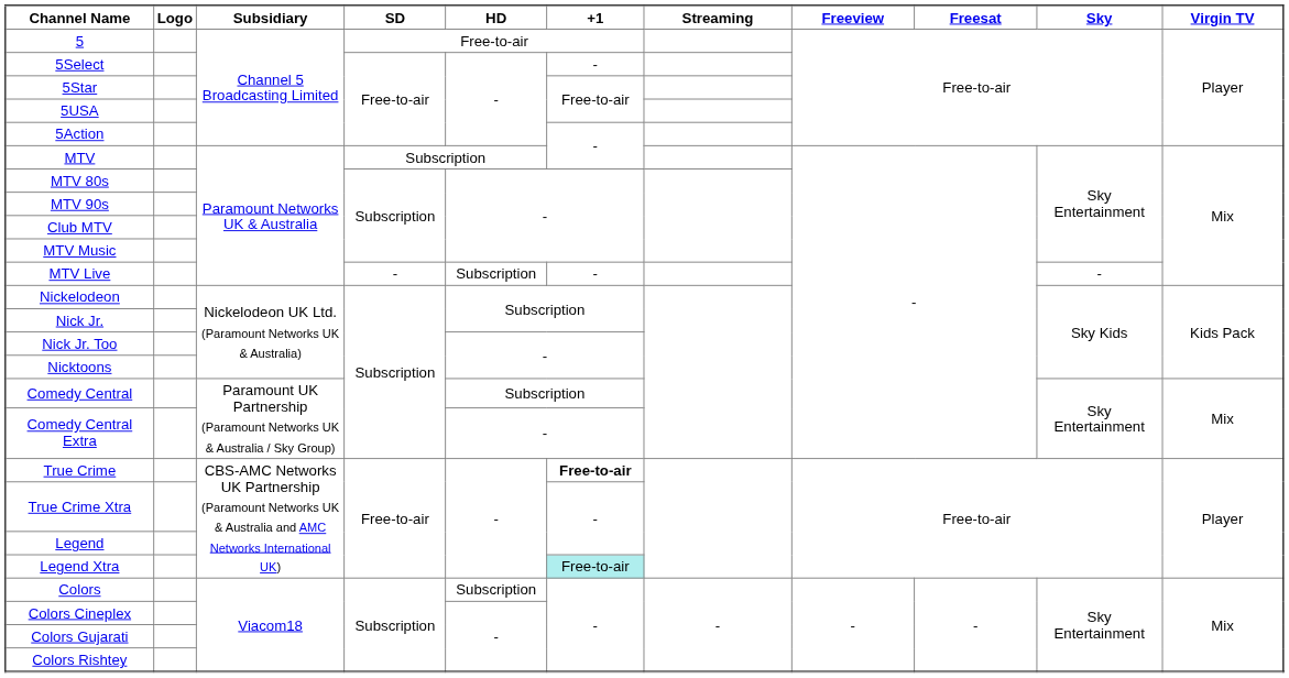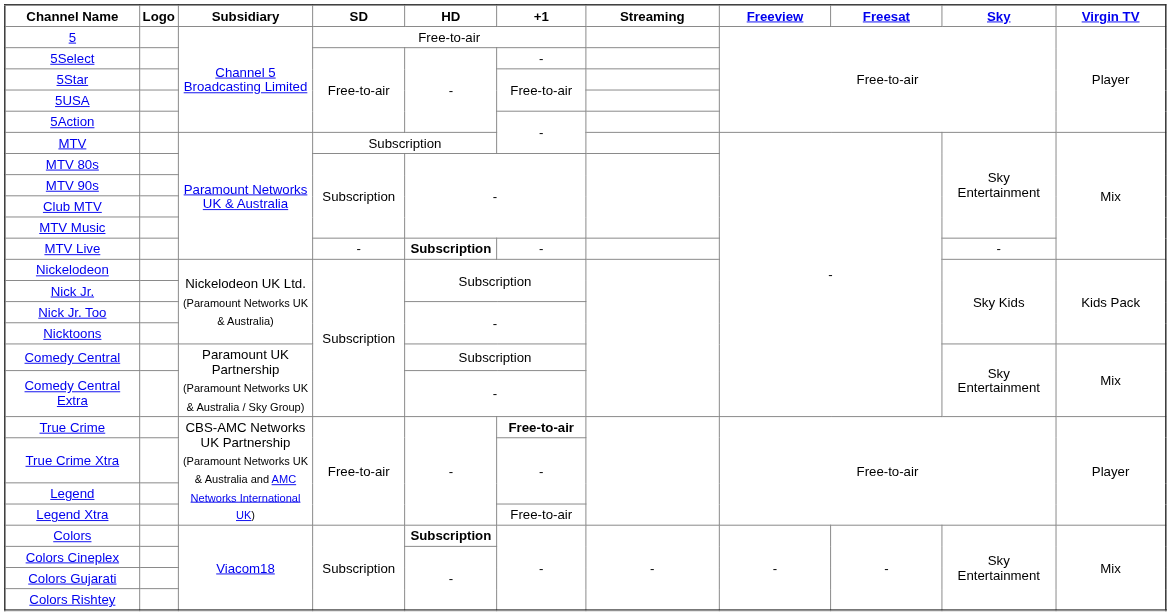 <table class="toccolours" border="2" cellpadding="3" style="border-collapse:collapse; font-size:90%; text-align:center; width:100%;">
 <tr>
 <th style="width:12%;">Channel Name</th>
 <th>Logo</th>
 <th style="width:12%;">Subsidiary</th>
 <th style="width:8%;">SD</th>
 <th style="width:8%;">HD</th>
 <th style="width:8%;">+1</th>
 <th style="width:12%;">Streaming</th>
 <th style="width:10%;"><a href='#'>Freeview</a></th>
 <th style="width:10%;"><a href='#'>Freesat</a></th>
 <th style="width:10%;"><a href='#'>Sky</a></th>
 <th style="width:10%;"><a href='#'>Virgin TV</a></th>
 </tr>
 <tr>
 <td><a href='#'>5</a></td>
 <td></td>
 <td rowspan="5"><a href='#'>Channel 5 Broadcasting Limited</a></td>
 <td colspan="3">Free-to-air</td>
 <td></td>
 <td colspan="3" rowspan="5">Free-to-air</td>
 <td rowspan="5">Player</td>
 </tr>
 <tr>
 <td><a href='#'>5Select</a></td>
 <td></td>
 <td rowspan="4">Free-to-air</td>
 <td rowspan="4">-</td>
 <td>-</td>
 <td></td>
 </tr>
 <tr>
 <td><a href='#'>5Star</a></td>
 <td></td>
 <td rowspan="2">Free-to-air</td>
 <td></td>
 </tr>
 <tr>
 <td><a href='#'>5USA</a></td>
 <td></td>
 <td></td>
 </tr>
 <tr>
 <td><a href='#'>5Action</a></td>
 <td></td>
 <td rowspan="2">-</td>
 <td></td>
 </tr>
 <tr>
 <td><a href='#'>MTV</a></td>
 <td></td>
 <td rowspan="6"><a href='#'>Paramount Networks UK & Australia</a></td>
 <td colspan="2">Subscription</td>
 <td></td>
 <td colspan="2" rowspan="12">-</td>
 <td rowspan="5">Sky Entertainment</td>
 <td rowspan="6">Mix</td>
 </tr>
 <tr>
 <td><a href='#'>MTV 80s</a></td>
 <td></td>
 <td rowspan="4">Subscription</td>
 <td colspan="2" rowspan="4">-</td>
 </tr>
 <tr>
 <td><a href='#'>MTV 90s</a></td>
 <td></td>
 </tr>
 <tr>
 <td><a href='#'>Club MTV</a></td>
 <td></td>
 </tr>
 <tr>
 <td><a href='#'>MTV Music</a></td>
 <td></td>
 </tr>
 <tr>
 <td><a href='#'>MTV Live</a></td>
 <td></td>
 <td>-</td>
-<td>Subscription</td>
+<td><strong>Subscription</strong></td>
 <td>-</td>
 <td></td>
 <td>-</td>
 </tr>
 <tr>
 <td><a href='#'>Nickelodeon</a></td>
 <td></td>
 <td rowspan="4">Nickelodeon UK Ltd. <sub>(Paramount Networks UK & Australia)</sub></td>
 <td rowspan="6">Subscription</td>
 <td colspan="2" rowspan="2">Subscription</td>
 <td rowspan="6"></td>
 <td rowspan="4">Sky Kids</td>
 <td rowspan="4">Kids Pack</td>
 </tr>
 <tr>
 <td><a href='#'>Nick Jr.</a></td>
 <td></td>
 </tr>
 <tr>
 <td><a href='#'>Nick Jr. Too</a></td>
 <td></td>
 <td colspan="2" rowspan="2">-</td>
 </tr>
 <tr>
 <td><a href='#'>Nicktoons</a></td>
 <td></td>
 </tr>
 <tr>
 <td><a href='#'>Comedy Central</a></td>
 <td></td>
 <td rowspan="2">Paramount UK Partnership <sub>(Paramount Networks UK & Australia / Sky Group)</sub></td>
 <td colspan="2">Subscription</td>
 <td rowspan="2">Sky Entertainment</td>
 <td rowspan="2">Mix</td>
 </tr>
 <tr>
 <td><a href='#'>Comedy Central Extra</a></td>
 <td></td>
 <td colspan="2">-</td>
 </tr>
 <tr>
 <td><a href='#'>True Crime</a></td>
 <td></td>
 <td rowspan="4">CBS-AMC Networks UK Partnership <sub>(Paramount Networks UK & Australia and <a href='#'>AMC Networks International UK</a>)</sub></td>
 <td rowspan="4">Free-to-air</td>
 <td rowspan="4">-</td>
 <td><strong>Free-to-air</strong></td>
 <td rowspan="4"></td>
 <td colspan="3" rowspan="4">Free-to-air</td>
 <td rowspan="4">Player</td>
 </tr>
 <tr>
 <td><a href='#'>True Crime Xtra</a></td>
 <td></td>
 <td rowspan="2">-</td>
 </tr>
 <tr>
 <td><a href='#'>Legend</a></td>
 <td></td>
 </tr>
 <tr>
 <td><a href='#'>Legend Xtra</a></td>
 <td></td>
-<td style="background: paleturquoise;">Free-to-air</td>
+<td>Free-to-air</td>
 </tr>
 <tr>
 <td><a href='#'>Colors</a></td>
 <td></td>
 <td rowspan="4"><a href='#'>Viacom18</a></td>
 <td rowspan="4">Subscription</td>
-<td>Subscription</td>
+<td><strong>Subscription</strong></td>
 <td rowspan="4">-</td>
 <td rowspan="4">-</td>
 <td rowspan="4">-</td>
 <td rowspan="4">-</td>
 <td rowspan="4">Sky Entertainment</td>
 <td rowspan="4">Mix</td>
 </tr>
 <tr>
 <td><a href='#'>Colors Cineplex</a></td>
 <td></td>
 <td rowspan="3">-</td>
 </tr>
 <tr>
 <td><a href='#'>Colors Gujarati</a></td>
 <td></td>
 </tr>
 <tr>
 <td><a href='#'>Colors Rishtey</a></td>
 <td></td>
 </tr>
 </table>
